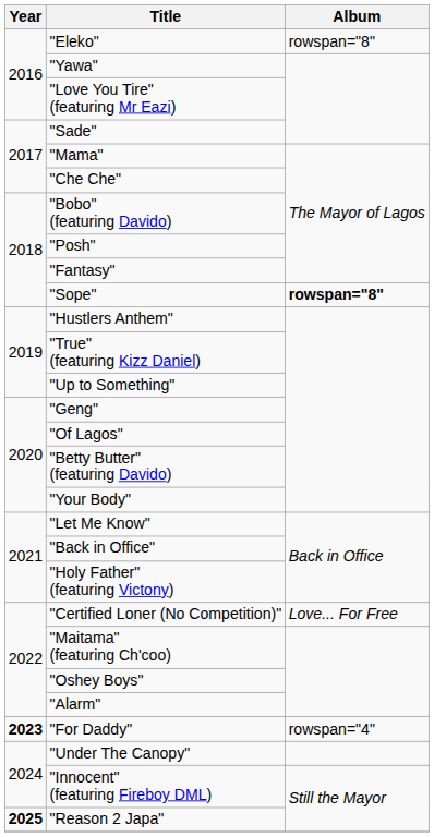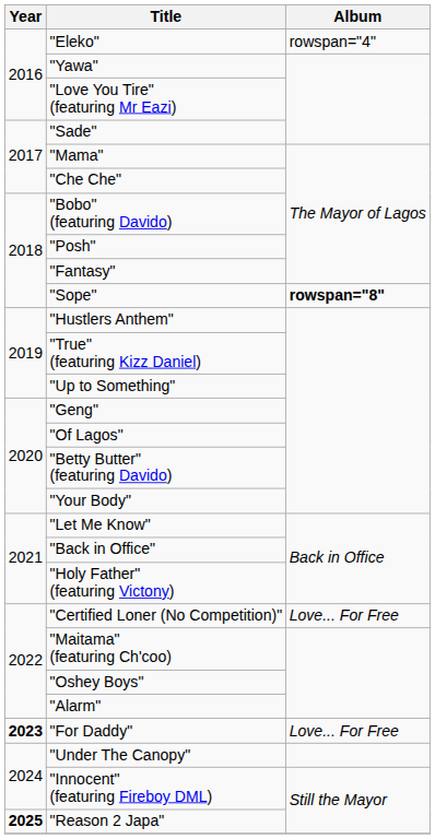 <table class="wikitable">
 <tr>
 <th>Year</th>
 <th>Title</th>
 <th>Album</th>
 </tr>
 <tr>
 <td rowspan="3">2016</td>
 <td>"Eleko"</td>
-<td>rowspan="8" </td>
+<td>rowspan="4" </td>
 </tr>
 <tr>
 <td>"Yawa"</td>
 </tr>
 <tr>
 <td>"Love You Tire"<br><span>(featuring <a href='#'>Mr Eazi</a>)</span></td>
 </tr>
 <tr>
 <td rowspan="3">2017</td>
 <td>"Sade"</td>
 </tr>
 <tr>
 <td>"Mama"</td>
 <td rowspan="5"><em>The Mayor of Lagos</em></td>
 </tr>
 <tr>
 <td>"Che Che"</td>
 </tr>
 <tr>
 <td rowspan="4">2018</td>
 <td>"Bobo"<br><span>(featuring <a href='#'>Davido</a>)</span></td>
 </tr>
 <tr>
 <td>"Posh"</td>
 </tr>
 <tr>
 <td>"Fantasy"</td>
 </tr>
 <tr>
 <td>"Sope"</td>
 <td><strong>rowspan="8" </strong></td>
 </tr>
 <tr>
 <td rowspan=3>2019</td>
 <td>"Hustlers Anthem"</td>
 </tr>
 <tr>
 <td>"True"<br><span>(featuring <a href='#'>Kizz Daniel</a>)</span></td>
 </tr>
 <tr>
 <td>"Up to Something"</td>
 </tr>
 <tr>
 <td rowspan="4">2020</td>
 <td>"Geng"</td>
 </tr>
 <tr>
 <td>"Of Lagos"</td>
 </tr>
 <tr>
 <td>"Betty Butter"<br><span>(featuring <a href='#'>Davido</a>)</span></td>
 </tr>
 <tr>
 <td>"Your Body"</td>
 </tr>
 <tr>
 <td rowspan="3">2021</td>
 <td>"Let Me Know"</td>
 <td rowspan="3"><em>Back in Office</em></td>
 </tr>
 <tr>
 <td>"Back in Office"</td>
 </tr>
 <tr>
 <td>"Holy Father"<br><span>(featuring <a href='#'>Victony</a>)</span></td>
 </tr>
 <tr>
 <td rowspan="4">2022</td>
 <td>"Certified Loner (No Competition)"</td>
 <td><em>Love... For Free</em></td>
 </tr>
 <tr>
 <td>"Maitama"<br><span>(featuring Ch'coo)</span></td>
 </tr>
 <tr>
 <td>"Oshey Boys"</td>
 </tr>
 <tr>
 <td>"Alarm"</td>
 </tr>
 <tr>
 <td><strong>2023</strong></td>
 <td>"For Daddy"</td>
-<td>rowspan="4" </td>
+<td><em>Love... For Free</em></td>
 </tr>
 <tr>
 <td rowspan="2">2024</td>
 <td>"Under The Canopy"</td>
 <td></td>
 </tr>
 <tr>
 <td>"Innocent"<br><span>(featuring <a href='#'>Fireboy DML</a>)</span></td>
 <td rowspan="2"><em>Still the Mayor</em></td>
 </tr>
 <tr>
 <td rowspan="1"><strong>2025</strong></td>
 <td>"Reason 2 Japa"</td>
 </tr>
 <tr>
 </tr>
 </table>
